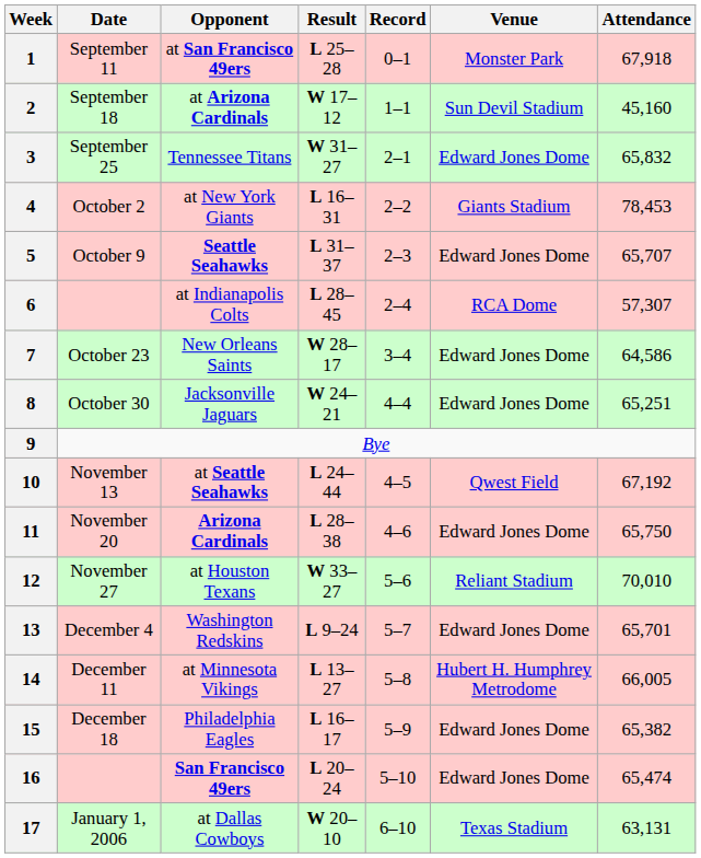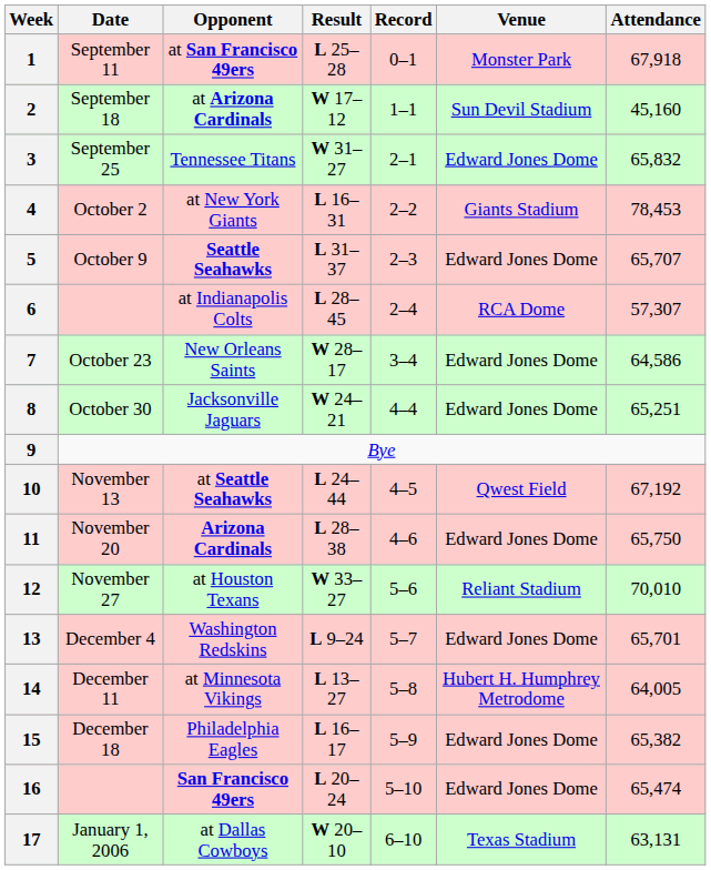 <table class="wikitable" style="text-align:center">
 <tr>
 <th>Week</th>
 <th>Date</th>
 <th>Opponent</th>
 <th>Result</th>
 <th>Record</th>
 <th>Venue</th>
 <th>Attendance</th>
 </tr>
 <tr style="background:#fcc">
 <th>1</th>
 <td>September 11</td>
 <td>at <strong><a href='#'>San Francisco 49ers</a></strong></td>
 <td><strong>L</strong> 25–28</td>
 <td>0–1</td>
 <td><a href='#'>Monster Park</a></td>
 <td>67,918</td>
 </tr>
 <tr style="background:#cfc">
 <th>2</th>
 <td>September 18</td>
 <td>at <strong><a href='#'>Arizona Cardinals</a></strong></td>
 <td><strong>W</strong> 17–12</td>
 <td>1–1</td>
 <td><a href='#'>Sun Devil Stadium</a></td>
 <td>45,160</td>
 </tr>
 <tr style="background:#cfc">
 <th>3</th>
 <td>September 25</td>
 <td><a href='#'>Tennessee Titans</a></td>
 <td><strong>W</strong> 31–27</td>
 <td>2–1</td>
 <td><a href='#'>Edward Jones Dome</a></td>
 <td>65,832</td>
 </tr>
 <tr style="background:#fcc">
 <th>4</th>
 <td>October 2</td>
 <td>at <a href='#'>New York Giants</a></td>
 <td><strong>L</strong> 16–31</td>
 <td>2–2</td>
 <td><a href='#'>Giants Stadium</a></td>
 <td>78,453</td>
 </tr>
 <tr style="background:#fcc">
 <th>5</th>
 <td>October 9</td>
 <td><strong><a href='#'>Seattle Seahawks</a></strong></td>
 <td><strong>L</strong> 31–37</td>
 <td>2–3</td>
 <td>Edward Jones Dome</td>
 <td>65,707</td>
 </tr>
 <tr style="background:#fcc">
 <th>6</th>
 <td></td>
 <td>at <a href='#'>Indianapolis Colts</a></td>
 <td><strong>L</strong> 28–45</td>
 <td>2–4</td>
 <td><a href='#'>RCA Dome</a></td>
 <td>57,307</td>
 </tr>
 <tr style="background:#cfc">
 <th>7</th>
 <td>October 23</td>
 <td><a href='#'>New Orleans Saints</a></td>
 <td><strong>W</strong> 28–17</td>
 <td>3–4</td>
 <td>Edward Jones Dome</td>
 <td>64,586</td>
 </tr>
 <tr style="background:#cfc">
 <th>8</th>
 <td>October 30</td>
 <td><a href='#'>Jacksonville Jaguars</a></td>
 <td><strong>W</strong> 24–21</td>
 <td>4–4</td>
 <td>Edward Jones Dome</td>
 <td>65,251</td>
 </tr>
 <tr>
 <th>9</th>
 <td colspan="6"><em><a href='#'>Bye</a></em></td>
 </tr>
 <tr style="background:#fcc">
 <th>10</th>
 <td>November 13</td>
 <td>at <strong><a href='#'>Seattle Seahawks</a></strong></td>
 <td><strong>L</strong> 24–44</td>
 <td>4–5</td>
 <td><a href='#'>Qwest Field</a></td>
 <td>67,192</td>
 </tr>
 <tr style="background:#fcc">
 <th>11</th>
 <td>November 20</td>
 <td><strong><a href='#'>Arizona Cardinals</a></strong></td>
 <td><strong>L</strong> 28–38</td>
 <td>4–6</td>
 <td>Edward Jones Dome</td>
 <td>65,750</td>
 </tr>
 <tr style="background:#cfc">
 <th>12</th>
 <td>November 27</td>
 <td>at <a href='#'>Houston Texans</a></td>
 <td><strong>W</strong> 33–27</td>
 <td>5–6</td>
 <td><a href='#'>Reliant Stadium</a></td>
 <td>70,010</td>
 </tr>
 <tr style="background:#fcc">
 <th>13</th>
 <td>December 4</td>
 <td><a href='#'>Washington Redskins</a></td>
 <td><strong>L</strong> 9–24</td>
 <td>5–7</td>
 <td>Edward Jones Dome</td>
 <td>65,701</td>
 </tr>
 <tr style="background:#fcc">
 <th>14</th>
 <td>December 11</td>
 <td>at <a href='#'>Minnesota Vikings</a></td>
 <td><strong>L</strong> 13–27</td>
 <td>5–8</td>
 <td><a href='#'>Hubert H. Humphrey Metrodome</a></td>
-<td>66,005</td>
+<td>64,005</td>
 </tr>
 <tr style="background:#fcc">
 <th>15</th>
 <td>December 18</td>
 <td><a href='#'>Philadelphia Eagles</a></td>
 <td><strong>L</strong> 16–17</td>
 <td>5–9</td>
 <td>Edward Jones Dome</td>
 <td>65,382</td>
 </tr>
 <tr style="background:#fcc">
 <th>16</th>
 <td></td>
 <td><strong><a href='#'>San Francisco 49ers</a></strong></td>
 <td><strong>L</strong> 20–24</td>
 <td>5–10</td>
 <td>Edward Jones Dome</td>
 <td>65,474</td>
 </tr>
 <tr style="background:#cfc">
 <th>17</th>
 <td>January 1, 2006</td>
 <td>at <a href='#'>Dallas Cowboys</a></td>
 <td><strong>W</strong> 20–10</td>
 <td>6–10</td>
 <td><a href='#'>Texas Stadium</a></td>
 <td>63,131</td>
 </tr>
 </table>
